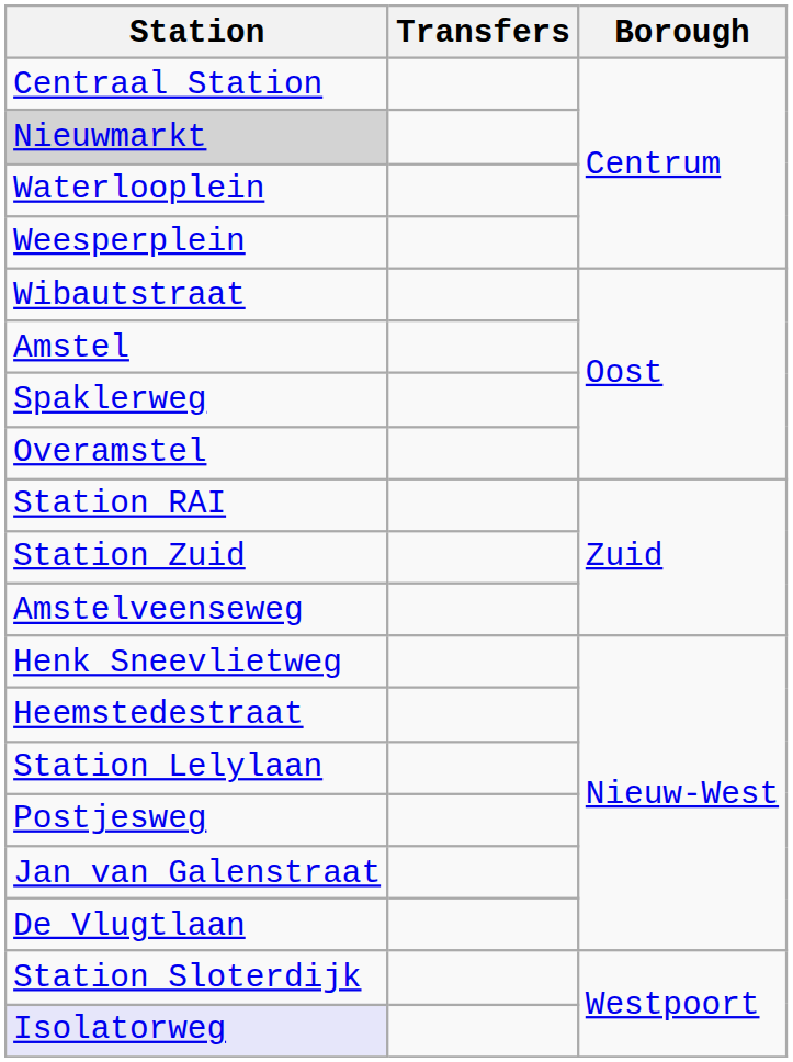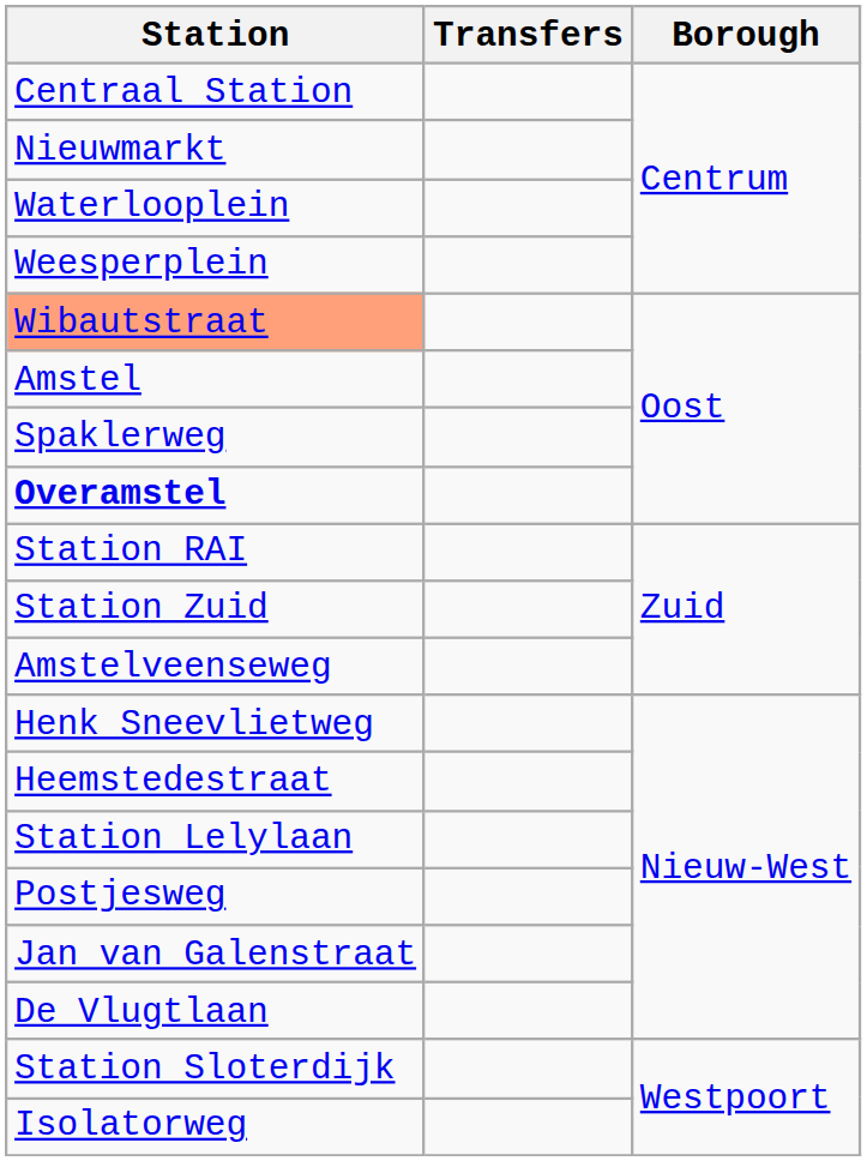 <table class="wikitable">
 <tr>
 <th>Station</th>
 <th>Transfers</th>
 <th>Borough</th>
 </tr>
 <tr>
 <td><a href='#'>Centraal Station</a></td>
 <td></td>
 <td rowspan="4"><a href='#'>Centrum</a></td>
 </tr>
 <tr>
-<td style="background: lightgrey;"><a href='#'>Nieuwmarkt</a></td>
+<td><a href='#'>Nieuwmarkt</a></td>
 <td></td>
 </tr>
 <tr>
 <td><a href='#'>Waterlooplein</a></td>
 <td></td>
 </tr>
 <tr>
 <td><a href='#'>Weesperplein</a></td>
 <td></td>
 </tr>
 <tr>
-<td><a href='#'>Wibautstraat</a></td>
+<td style="background: lightsalmon;"><a href='#'>Wibautstraat</a></td>
 <td></td>
 <td rowspan="4"><a href='#'>Oost</a></td>
 </tr>
 <tr>
 <td><a href='#'>Amstel</a></td>
 <td></td>
 </tr>
 <tr>
 <td><a href='#'>Spaklerweg</a></td>
 <td></td>
 </tr>
 <tr>
-<td><a href='#'>Overamstel</a></td>
+<td><strong><a href='#'>Overamstel</a></strong></td>
 <td></td>
 </tr>
 <tr>
 <td><a href='#'>Station RAI</a></td>
 <td></td>
 <td rowspan="3"><a href='#'>Zuid</a></td>
 </tr>
 <tr>
 <td><a href='#'>Station Zuid</a></td>
 <td></td>
 </tr>
 <tr>
 <td><a href='#'>Amstelveenseweg</a></td>
 <td></td>
 </tr>
 <tr>
 <td><a href='#'>Henk Sneevlietweg</a></td>
 <td></td>
 <td rowspan="6"><a href='#'>Nieuw-West</a></td>
 </tr>
 <tr>
 <td><a href='#'>Heemstedestraat</a></td>
 <td></td>
 </tr>
 <tr>
 <td><a href='#'>Station Lelylaan</a></td>
 <td></td>
 </tr>
 <tr>
 <td><a href='#'>Postjesweg</a></td>
 <td></td>
 </tr>
 <tr>
 <td><a href='#'>Jan van Galenstraat</a></td>
 <td></td>
 </tr>
 <tr>
 <td><a href='#'>De Vlugtlaan</a></td>
 <td></td>
 </tr>
 <tr>
 <td><a href='#'>Station Sloterdijk</a></td>
 <td></td>
 <td rowspan="2"><a href='#'>Westpoort</a></td>
 </tr>
 <tr>
-<td style="background: lavender;"><a href='#'>Isolatorweg</a></td>
+<td><a href='#'>Isolatorweg</a></td>
 <td></td>
 </tr>
 </table>
